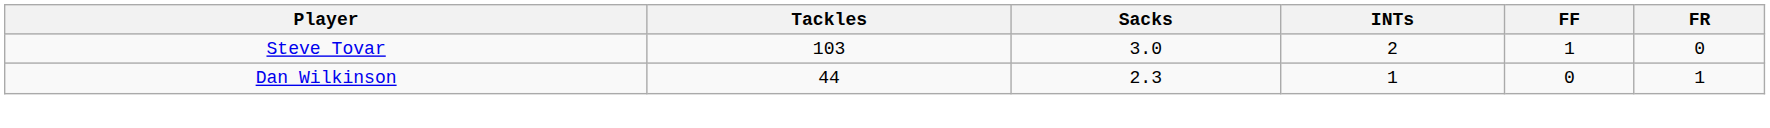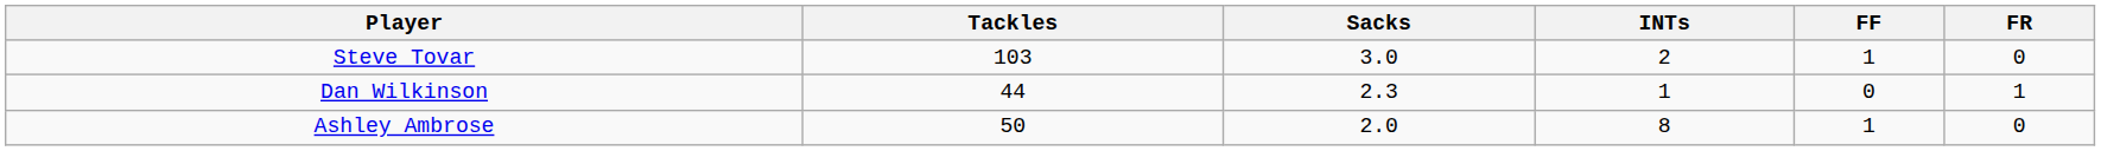 <table class="wikitable" style="text-align:center;" width="80%">
 <tr>
 <th>Player</th>
 <th>Tackles</th>
 <th>Sacks</th>
 <th>INTs</th>
 <th>FF</th>
 <th>FR</th>
 </tr>
 <tr>
 <td><a href='#'>Steve Tovar</a></td>
 <td>103</td>
 <td>3.0</td>
 <td>2</td>
 <td>1</td>
 <td>0</td>
 </tr>
 <tr>
 <td><a href='#'>Dan Wilkinson</a></td>
 <td>44</td>
 <td>2.3</td>
 <td>1</td>
 <td>0</td>
 <td>1</td>
 </tr>
+<tr>
+<td><a href='#'>Ashley Ambrose</a></td>
+<td>50</td>
+<td>2.0</td>
+<td>8</td>
+<td>1</td>
+<td>0</td>
+</tr>
 </table>
